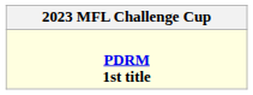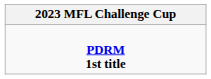 <table class="wikitable" style="text-align: center; margin: 0 auto; width: 20%">
 <tr>
 <th>2023 MFL Challenge Cup</th>
 </tr>
 <tr>
-<td style="background: lightyellow;"><br><strong><a href='#'>PDRM</a></strong> <br> <strong>1st title</strong></td>
+<td><br><strong><a href='#'>PDRM</a></strong> <br> <strong>1st title</strong></td>
 </tr>
 </table>
